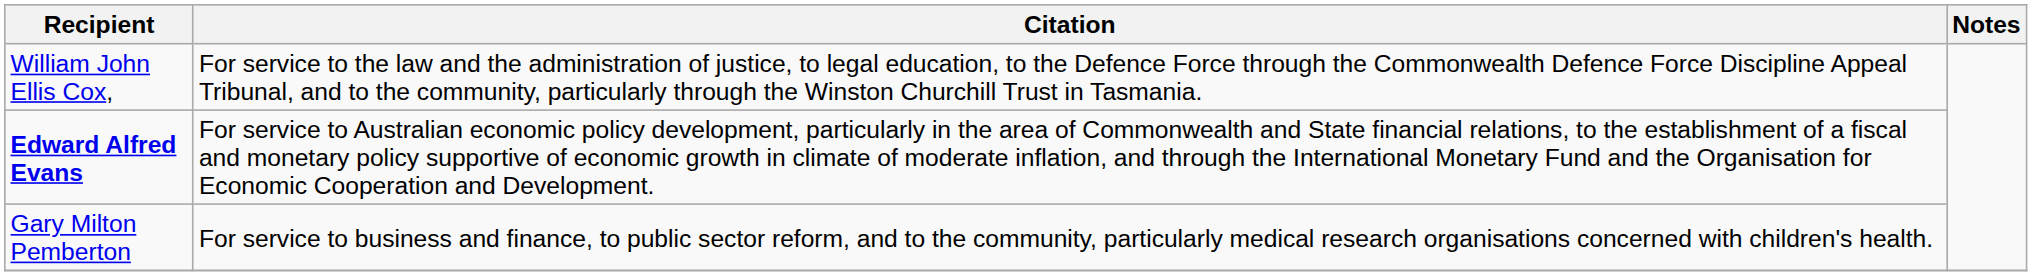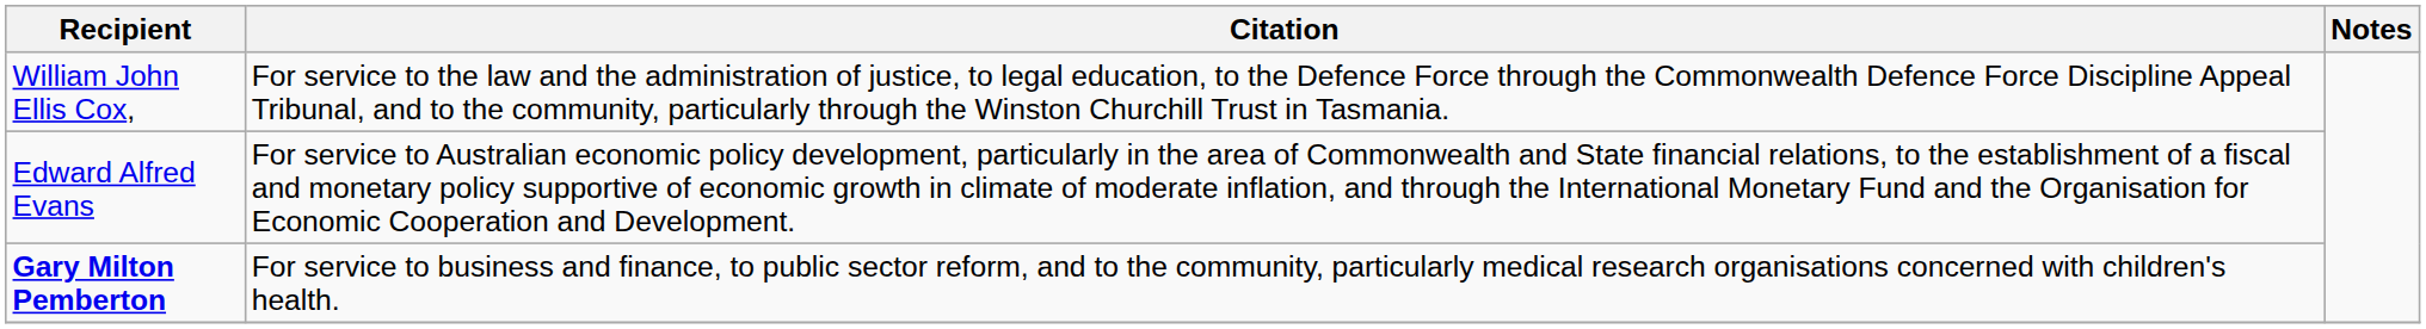 <table class="wikitable" style="font-size:95%;">
 <tr>
 <th>Recipient</th>
 <th>Citation</th>
 <th>Notes</th>
 </tr>
 <tr>
 <td> <a href='#'>William John Ellis Cox</a>, </td>
 <td>For service to the law and the administration of justice, to legal education, to the Defence Force through the Commonwealth Defence Force Discipline Appeal Tribunal, and to the community, particularly through the Winston Churchill Trust in Tasmania.</td>
 <td rowspan=3></td>
 </tr>
 <tr>
-<td><strong><a href='#'>Edward Alfred Evans</a></strong></td>
+<td><a href='#'>Edward Alfred Evans</a></td>
 <td>For service to Australian economic policy development, particularly in the area of Commonwealth and State financial relations, to the establishment of a fiscal and monetary policy supportive of economic growth in climate of moderate inflation, and through the International Monetary Fund and the Organisation for Economic Cooperation and Development.</td>
 </tr>
 <tr>
-<td><a href='#'>Gary Milton Pemberton</a></td>
+<td><strong><a href='#'>Gary Milton Pemberton</a></strong></td>
 <td>For service to business and finance, to public sector reform, and to the community, particularly medical research organisations concerned with children's health.</td>
 </tr>
 <tr>
 </tr>
 </table>
